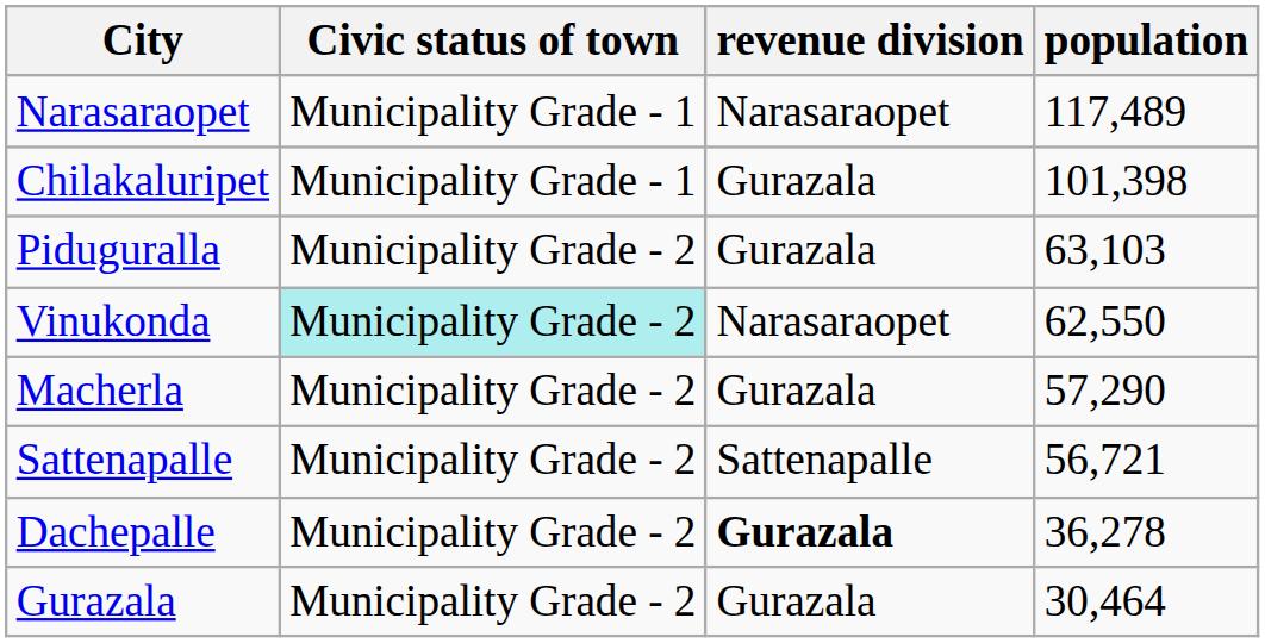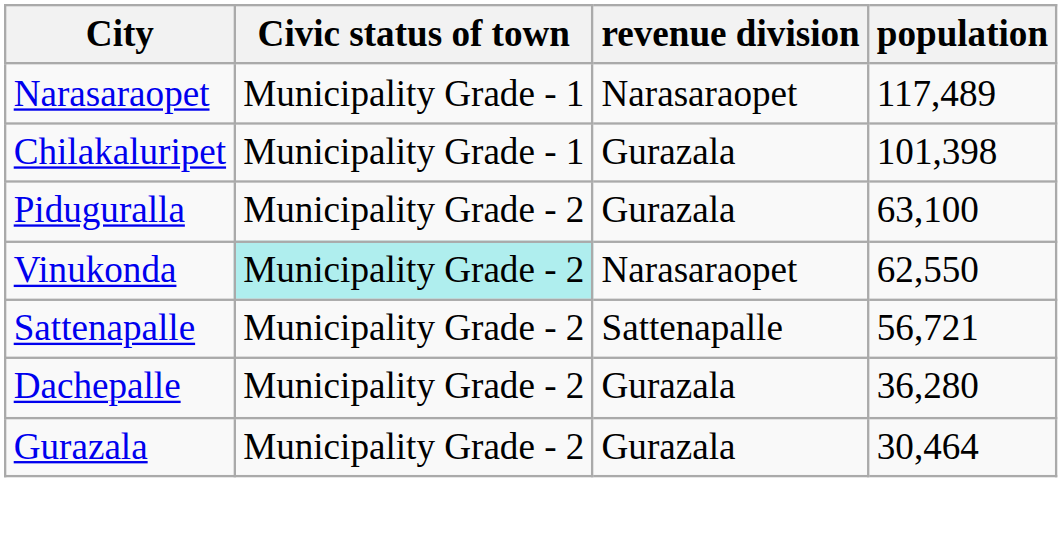 <table class="wikitable sortable">
 <tr>
 <th>City</th>
 <th>Civic status of town</th>
 <th>revenue division</th>
 <th>population</th>
 </tr>
 <tr>
 <td><a href='#'>Narasaraopet</a></td>
 <td>Municipality Grade - 1</td>
 <td>Narasaraopet</td>
 <td>117,489</td>
 </tr>
 <tr>
 <td><a href='#'>Chilakaluripet</a></td>
 <td>Municipality Grade - 1</td>
 <td>Gurazala</td>
 <td>101,398</td>
 </tr>
 <tr>
 <td><a href='#'>Piduguralla</a></td>
 <td>Municipality Grade - 2</td>
 <td>Gurazala</td>
-<td>63,103</td>
+<td>63,100</td>
 </tr>
 <tr>
 <td><a href='#'>Vinukonda</a></td>
 <td style="background: paleturquoise;">Municipality Grade - 2</td>
 <td>Narasaraopet</td>
 <td>62,550</td>
-</tr>
-<tr>
-<td><a href='#'>Macherla</a></td>
-<td>Municipality Grade - 2</td>
-<td>Gurazala</td>
-<td>57,290</td>
 </tr>
 <tr>
 <td><a href='#'>Sattenapalle</a></td>
 <td>Municipality Grade - 2</td>
 <td>Sattenapalle</td>
 <td>56,721</td>
 </tr>
 <tr>
 <td><a href='#'>Dachepalle</a></td>
 <td>Municipality Grade - 2</td>
-<td><strong>Gurazala</strong></td>
-<td>36,278</td>
+<td>Gurazala</td>
+<td>36,280</td>
 </tr>
 <tr>
 <td><a href='#'>Gurazala</a></td>
 <td>Municipality Grade - 2</td>
 <td>Gurazala</td>
 <td>30,464</td>
 </tr>
 </table>
